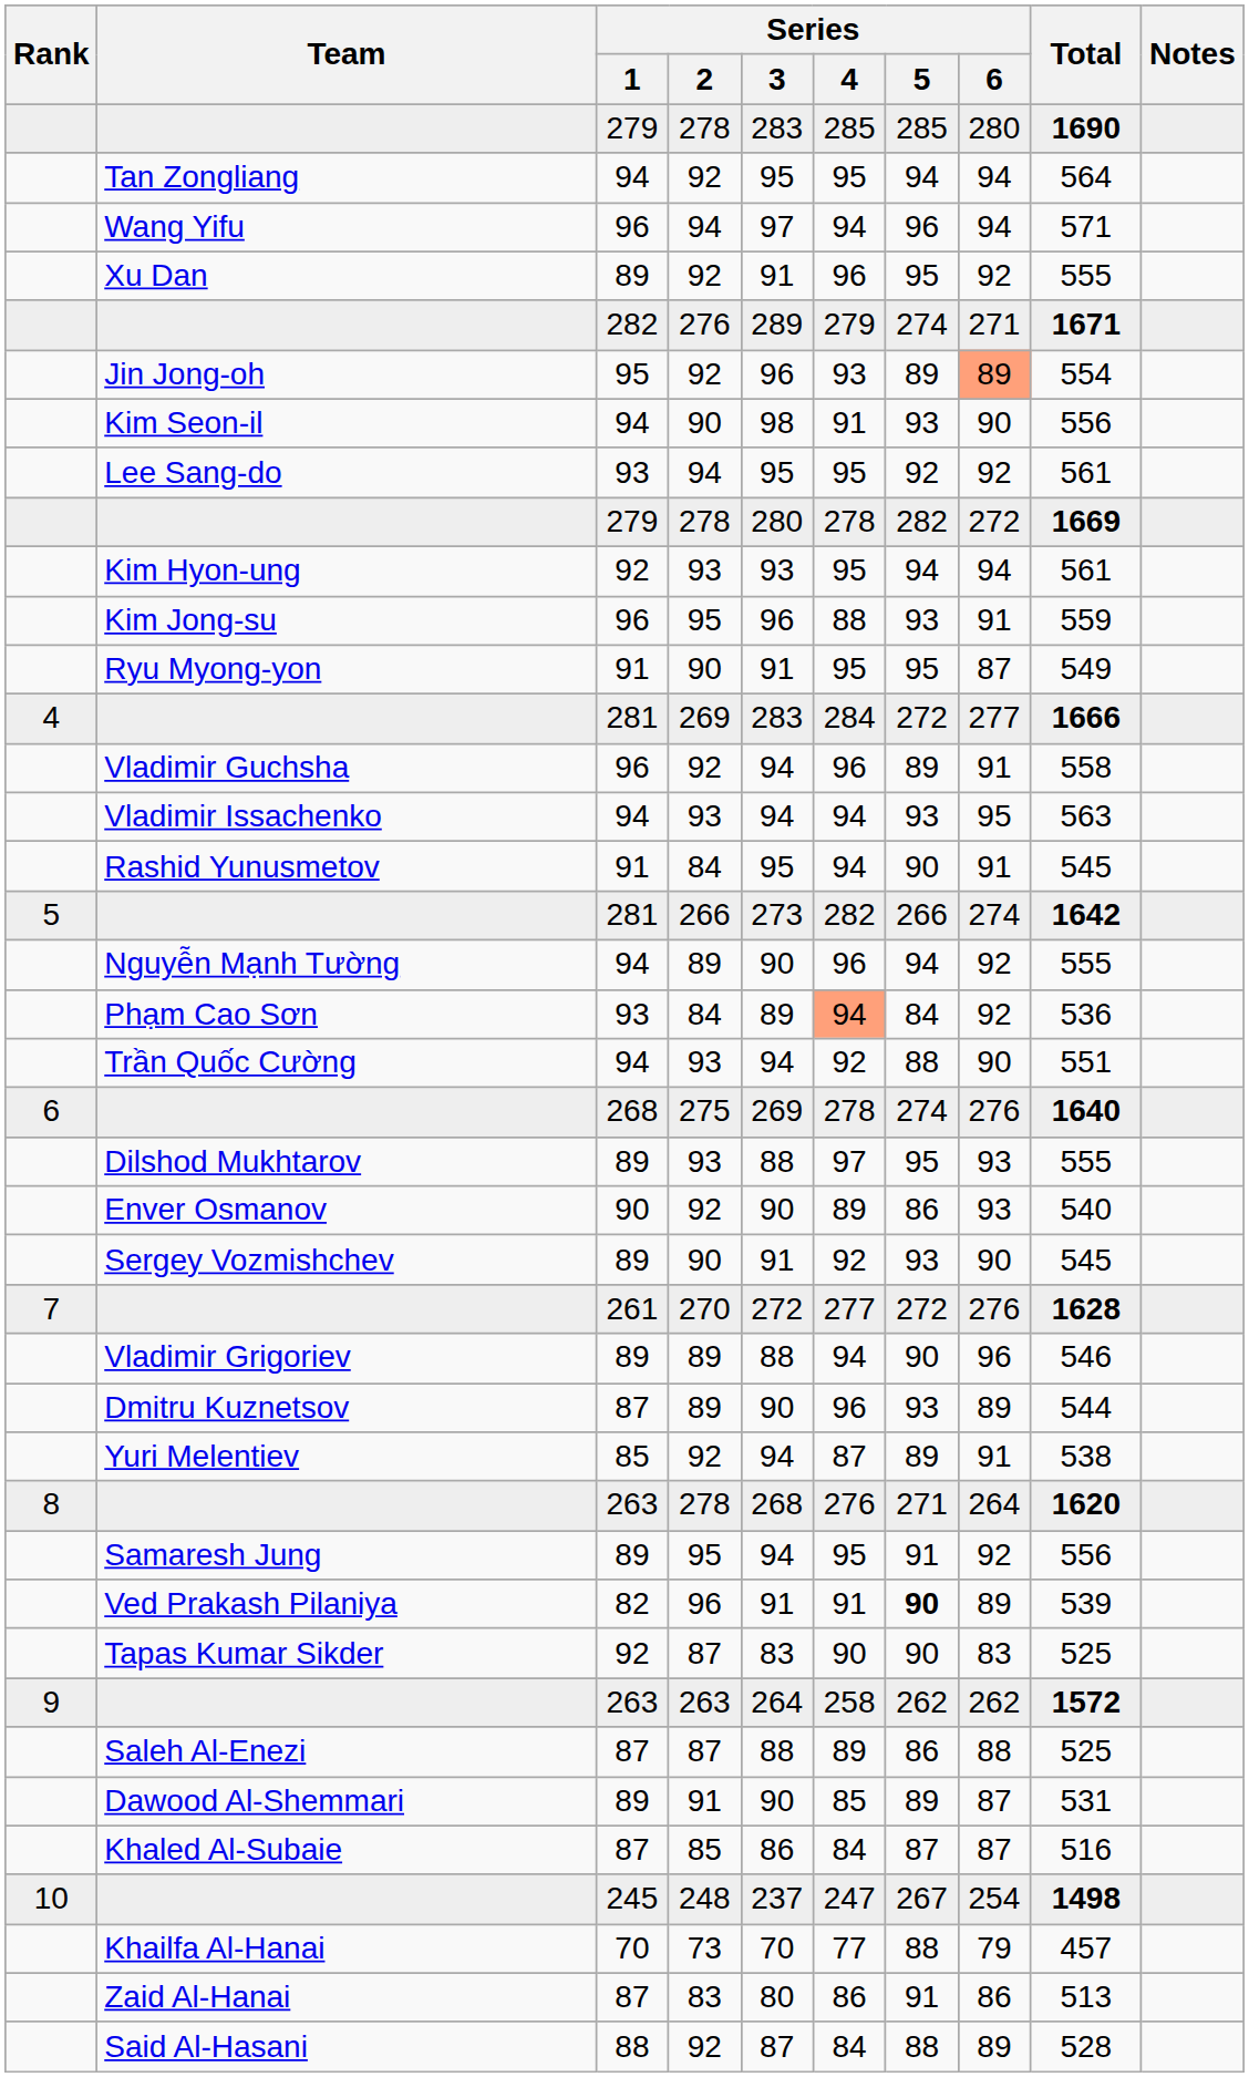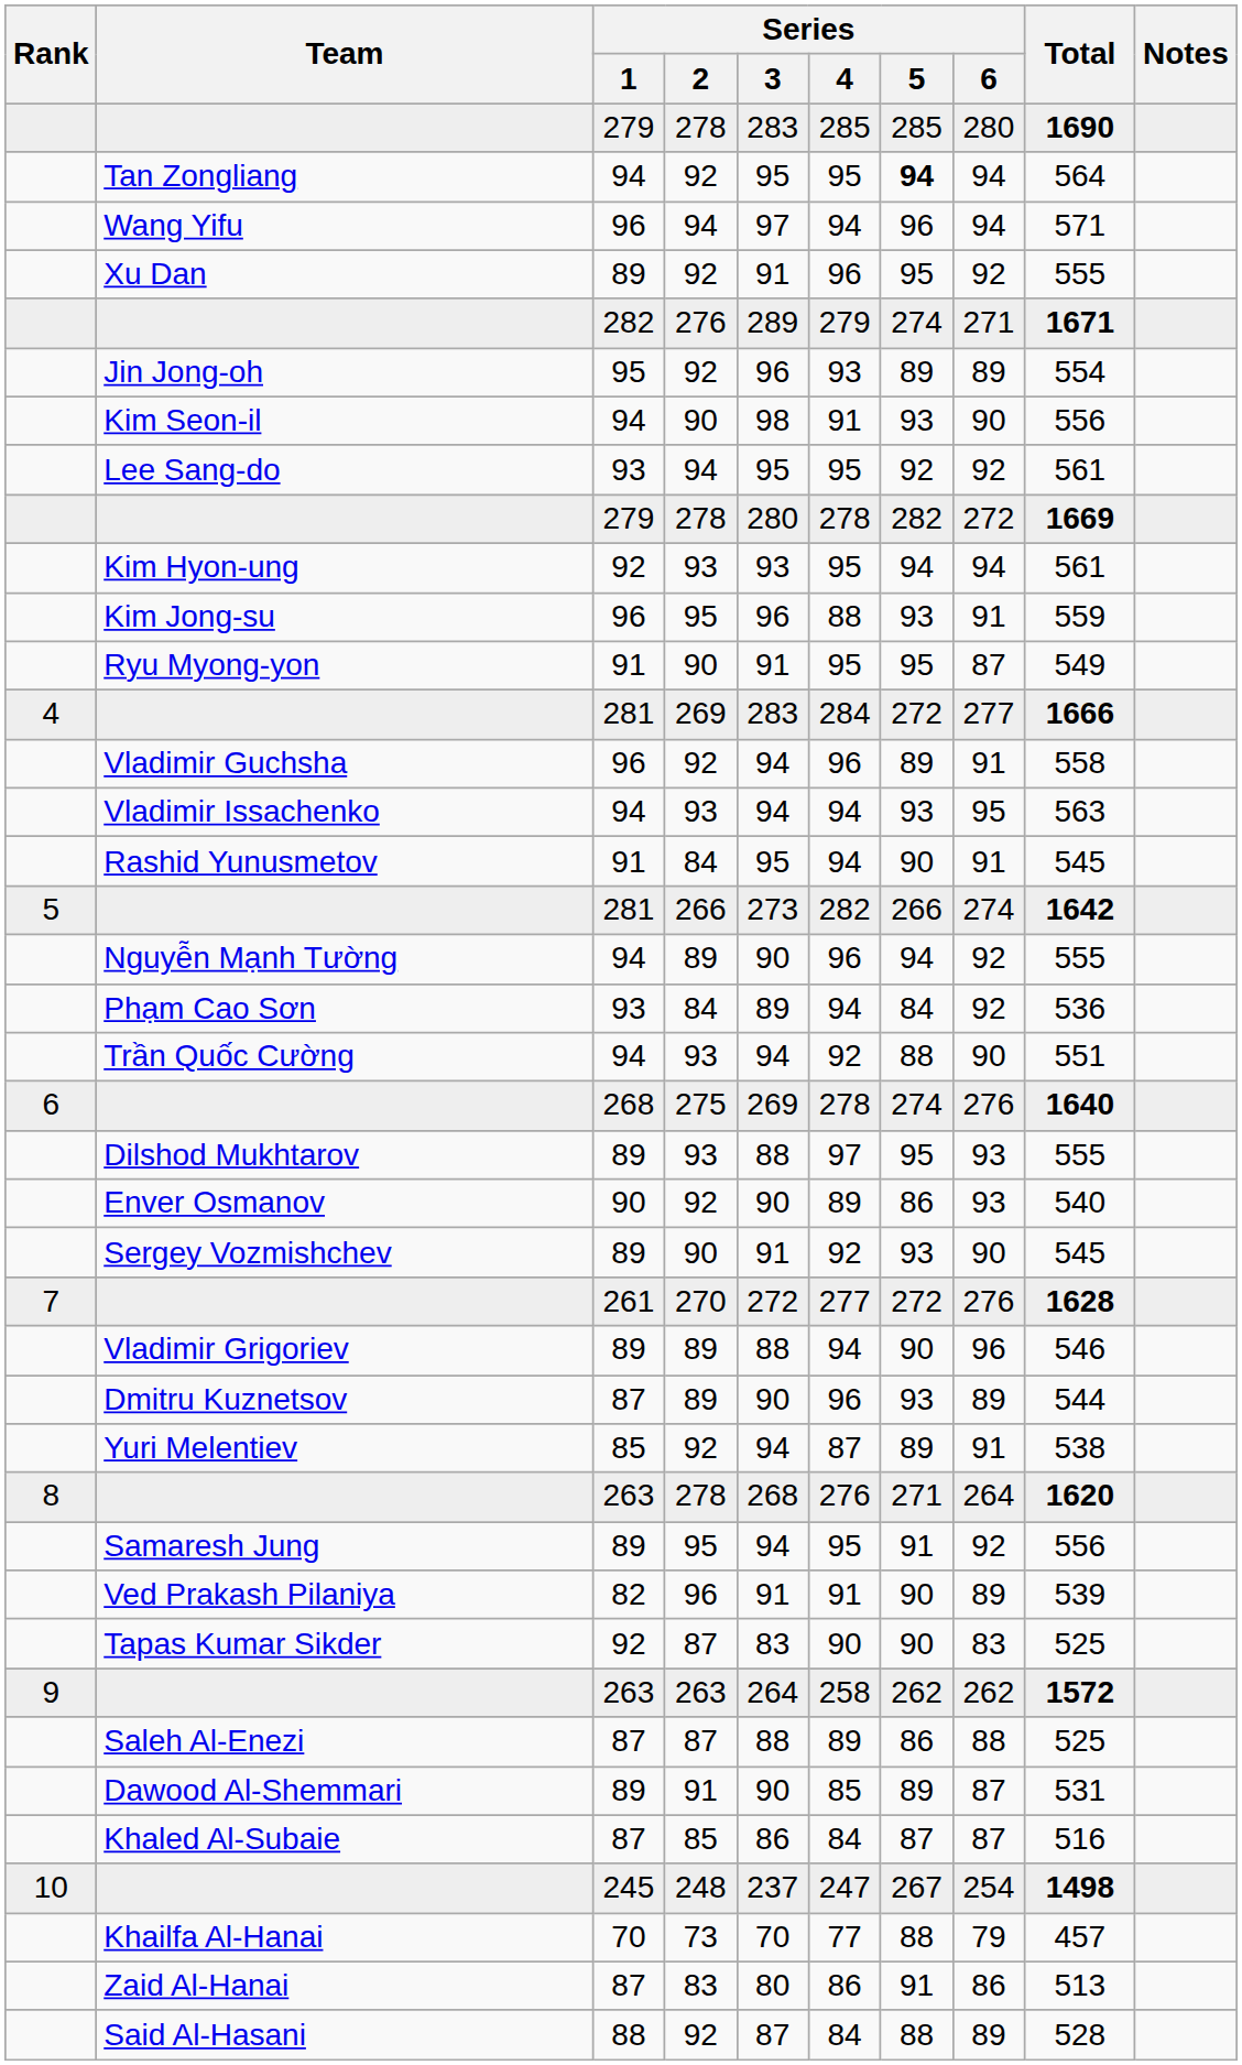 <table class="wikitable" style="text-align:center">
 <tr>
 <th rowspan=2 width=40>Rank</th>
 <th rowspan=2 width=250>Team</th>
 <th colspan=6>Series</th>
 <th rowspan=2 width=50>Total</th>
 <th rowspan=2 width=45>Notes</th>
 </tr>
 <tr>
 <th width=30>1</th>
 <th width=30>2</th>
 <th width=30>3</th>
 <th width=30>4</th>
 <th width=30>5</th>
 <th width=30>6</th>
 </tr>
 <tr bgcolor=eeeeee>
 <td></td>
 <td align=left></td>
 <td>279</td>
 <td>278</td>
 <td>283</td>
 <td>285</td>
 <td>285</td>
 <td>280</td>
 <td><strong>1690</strong></td>
 <td></td>
 </tr>
 <tr>
 <td></td>
 <td align=left><a href='#'>Tan Zongliang</a></td>
 <td>94</td>
 <td>92</td>
 <td>95</td>
 <td>95</td>
-<td>94</td>
+<td><strong>94</strong></td>
 <td>94</td>
 <td>564</td>
 <td></td>
 </tr>
 <tr>
 <td></td>
 <td align=left><a href='#'>Wang Yifu</a></td>
 <td>96</td>
 <td>94</td>
 <td>97</td>
 <td>94</td>
 <td>96</td>
 <td>94</td>
 <td>571</td>
 <td></td>
 </tr>
 <tr>
 <td></td>
 <td align=left><a href='#'>Xu Dan</a></td>
 <td>89</td>
 <td>92</td>
 <td>91</td>
 <td>96</td>
 <td>95</td>
 <td>92</td>
 <td>555</td>
 <td></td>
 </tr>
 <tr bgcolor=eeeeee>
 <td></td>
 <td align=left></td>
 <td>282</td>
 <td>276</td>
 <td>289</td>
 <td>279</td>
 <td>274</td>
 <td>271</td>
 <td><strong>1671</strong></td>
 <td></td>
 </tr>
 <tr>
 <td></td>
 <td align=left><a href='#'>Jin Jong-oh</a></td>
 <td>95</td>
 <td>92</td>
 <td>96</td>
 <td>93</td>
 <td>89</td>
-<td style="background: lightsalmon;">89</td>
+<td>89</td>
 <td>554</td>
 <td></td>
 </tr>
 <tr>
 <td></td>
 <td align=left><a href='#'>Kim Seon-il</a></td>
 <td>94</td>
 <td>90</td>
 <td>98</td>
 <td>91</td>
 <td>93</td>
 <td>90</td>
 <td>556</td>
 <td></td>
 </tr>
 <tr>
 <td></td>
 <td align=left><a href='#'>Lee Sang-do</a></td>
 <td>93</td>
 <td>94</td>
 <td>95</td>
 <td>95</td>
 <td>92</td>
 <td>92</td>
 <td>561</td>
 <td></td>
 </tr>
 <tr bgcolor=eeeeee>
 <td></td>
 <td align=left></td>
 <td>279</td>
 <td>278</td>
 <td>280</td>
 <td>278</td>
 <td>282</td>
 <td>272</td>
 <td><strong>1669</strong></td>
 <td></td>
 </tr>
 <tr>
 <td></td>
 <td align=left><a href='#'>Kim Hyon-ung</a></td>
 <td>92</td>
 <td>93</td>
 <td>93</td>
 <td>95</td>
 <td>94</td>
 <td>94</td>
 <td>561</td>
 <td></td>
 </tr>
 <tr>
 <td></td>
 <td align=left><a href='#'>Kim Jong-su</a></td>
 <td>96</td>
 <td>95</td>
 <td>96</td>
 <td>88</td>
 <td>93</td>
 <td>91</td>
 <td>559</td>
 <td></td>
 </tr>
 <tr>
 <td></td>
 <td align=left><a href='#'>Ryu Myong-yon</a></td>
 <td>91</td>
 <td>90</td>
 <td>91</td>
 <td>95</td>
 <td>95</td>
 <td>87</td>
 <td>549</td>
 <td></td>
 </tr>
 <tr bgcolor=eeeeee>
 <td>4</td>
 <td align=left></td>
 <td>281</td>
 <td>269</td>
 <td>283</td>
 <td>284</td>
 <td>272</td>
 <td>277</td>
 <td><strong>1666</strong></td>
 <td></td>
 </tr>
 <tr>
 <td></td>
 <td align=left><a href='#'>Vladimir Guchsha</a></td>
 <td>96</td>
 <td>92</td>
 <td>94</td>
 <td>96</td>
 <td>89</td>
 <td>91</td>
 <td>558</td>
 <td></td>
 </tr>
 <tr>
 <td></td>
 <td align=left><a href='#'>Vladimir Issachenko</a></td>
 <td>94</td>
 <td>93</td>
 <td>94</td>
 <td>94</td>
 <td>93</td>
 <td>95</td>
 <td>563</td>
 <td></td>
 </tr>
 <tr>
 <td></td>
 <td align=left><a href='#'>Rashid Yunusmetov</a></td>
 <td>91</td>
 <td>84</td>
 <td>95</td>
 <td>94</td>
 <td>90</td>
 <td>91</td>
 <td>545</td>
 <td></td>
 </tr>
 <tr bgcolor=eeeeee>
 <td>5</td>
 <td align=left></td>
 <td>281</td>
 <td>266</td>
 <td>273</td>
 <td>282</td>
 <td>266</td>
 <td>274</td>
 <td><strong>1642</strong></td>
 <td></td>
 </tr>
 <tr>
 <td></td>
 <td align=left><a href='#'>Nguyễn Mạnh Tường</a></td>
 <td>94</td>
 <td>89</td>
 <td>90</td>
 <td>96</td>
 <td>94</td>
 <td>92</td>
 <td>555</td>
 <td></td>
 </tr>
 <tr>
 <td></td>
 <td align=left><a href='#'>Phạm Cao Sơn</a></td>
 <td>93</td>
 <td>84</td>
 <td>89</td>
-<td style="background: lightsalmon;">94</td>
+<td>94</td>
 <td>84</td>
 <td>92</td>
 <td>536</td>
 <td></td>
 </tr>
 <tr>
 <td></td>
 <td align=left><a href='#'>Trần Quốc Cường</a></td>
 <td>94</td>
 <td>93</td>
 <td>94</td>
 <td>92</td>
 <td>88</td>
 <td>90</td>
 <td>551</td>
 <td></td>
 </tr>
 <tr bgcolor=eeeeee>
 <td>6</td>
 <td align=left></td>
 <td>268</td>
 <td>275</td>
 <td>269</td>
 <td>278</td>
 <td>274</td>
 <td>276</td>
 <td><strong>1640</strong></td>
 <td></td>
 </tr>
 <tr>
 <td></td>
 <td align=left><a href='#'>Dilshod Mukhtarov</a></td>
 <td>89</td>
 <td>93</td>
 <td>88</td>
 <td>97</td>
 <td>95</td>
 <td>93</td>
 <td>555</td>
 <td></td>
 </tr>
 <tr>
 <td></td>
 <td align=left><a href='#'>Enver Osmanov</a></td>
 <td>90</td>
 <td>92</td>
 <td>90</td>
 <td>89</td>
 <td>86</td>
 <td>93</td>
 <td>540</td>
 <td></td>
 </tr>
 <tr>
 <td></td>
 <td align=left><a href='#'>Sergey Vozmishchev</a></td>
 <td>89</td>
 <td>90</td>
 <td>91</td>
 <td>92</td>
 <td>93</td>
 <td>90</td>
 <td>545</td>
 <td></td>
 </tr>
 <tr bgcolor=eeeeee>
 <td>7</td>
 <td align=left></td>
 <td>261</td>
 <td>270</td>
 <td>272</td>
 <td>277</td>
 <td>272</td>
 <td>276</td>
 <td><strong>1628</strong></td>
 <td></td>
 </tr>
 <tr>
 <td></td>
 <td align=left><a href='#'>Vladimir Grigoriev</a></td>
 <td>89</td>
 <td>89</td>
 <td>88</td>
 <td>94</td>
 <td>90</td>
 <td>96</td>
 <td>546</td>
 <td></td>
 </tr>
 <tr>
 <td></td>
 <td align=left><a href='#'>Dmitru Kuznetsov</a></td>
 <td>87</td>
 <td>89</td>
 <td>90</td>
 <td>96</td>
 <td>93</td>
 <td>89</td>
 <td>544</td>
 <td></td>
 </tr>
 <tr>
 <td></td>
 <td align=left><a href='#'>Yuri Melentiev</a></td>
 <td>85</td>
 <td>92</td>
 <td>94</td>
 <td>87</td>
 <td>89</td>
 <td>91</td>
 <td>538</td>
 <td></td>
 </tr>
 <tr bgcolor=eeeeee>
 <td>8</td>
 <td align=left></td>
 <td>263</td>
 <td>278</td>
 <td>268</td>
 <td>276</td>
 <td>271</td>
 <td>264</td>
 <td><strong>1620</strong></td>
 <td></td>
 </tr>
 <tr>
 <td></td>
 <td align=left><a href='#'>Samaresh Jung</a></td>
 <td>89</td>
 <td>95</td>
 <td>94</td>
 <td>95</td>
 <td>91</td>
 <td>92</td>
 <td>556</td>
 <td></td>
 </tr>
 <tr>
 <td></td>
 <td align=left><a href='#'>Ved Prakash Pilaniya</a></td>
 <td>82</td>
 <td>96</td>
 <td>91</td>
 <td>91</td>
-<td><strong>90</strong></td>
+<td>90</td>
 <td>89</td>
 <td>539</td>
 <td></td>
 </tr>
 <tr>
 <td></td>
 <td align=left><a href='#'>Tapas Kumar Sikder</a></td>
 <td>92</td>
 <td>87</td>
 <td>83</td>
 <td>90</td>
 <td>90</td>
 <td>83</td>
 <td>525</td>
 <td></td>
 </tr>
 <tr bgcolor=eeeeee>
 <td>9</td>
 <td align=left></td>
 <td>263</td>
 <td>263</td>
 <td>264</td>
 <td>258</td>
 <td>262</td>
 <td>262</td>
 <td><strong>1572</strong></td>
 <td></td>
 </tr>
 <tr>
 <td></td>
 <td align=left><a href='#'>Saleh Al-Enezi</a></td>
 <td>87</td>
 <td>87</td>
 <td>88</td>
 <td>89</td>
 <td>86</td>
 <td>88</td>
 <td>525</td>
 <td></td>
 </tr>
 <tr>
 <td></td>
 <td align=left><a href='#'>Dawood Al-Shemmari</a></td>
 <td>89</td>
 <td>91</td>
 <td>90</td>
 <td>85</td>
 <td>89</td>
 <td>87</td>
 <td>531</td>
 <td></td>
 </tr>
 <tr>
 <td></td>
 <td align=left><a href='#'>Khaled Al-Subaie</a></td>
 <td>87</td>
 <td>85</td>
 <td>86</td>
 <td>84</td>
 <td>87</td>
 <td>87</td>
 <td>516</td>
 <td></td>
 </tr>
 <tr bgcolor=eeeeee>
 <td>10</td>
 <td align=left></td>
 <td>245</td>
 <td>248</td>
 <td>237</td>
 <td>247</td>
 <td>267</td>
 <td>254</td>
 <td><strong>1498</strong></td>
 <td></td>
 </tr>
 <tr>
 <td></td>
 <td align=left><a href='#'>Khailfa Al-Hanai</a></td>
 <td>70</td>
 <td>73</td>
 <td>70</td>
 <td>77</td>
 <td>88</td>
 <td>79</td>
 <td>457</td>
 <td></td>
 </tr>
 <tr>
 <td></td>
 <td align=left><a href='#'>Zaid Al-Hanai</a></td>
 <td>87</td>
 <td>83</td>
 <td>80</td>
 <td>86</td>
 <td>91</td>
 <td>86</td>
 <td>513</td>
 <td></td>
 </tr>
 <tr>
 <td></td>
 <td align=left><a href='#'>Said Al-Hasani</a></td>
 <td>88</td>
 <td>92</td>
 <td>87</td>
 <td>84</td>
 <td>88</td>
 <td>89</td>
 <td>528</td>
 <td></td>
 </tr>
 </table>
